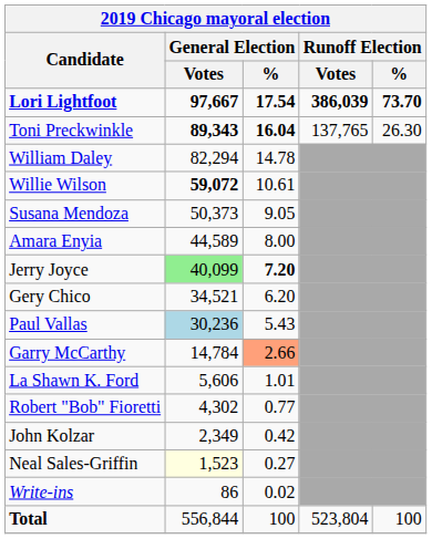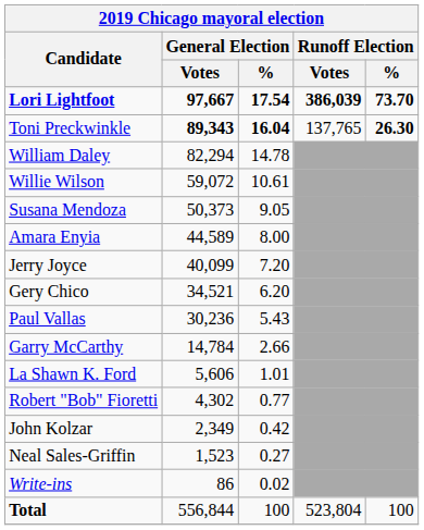 <table class=wikitable>
 <tr>
 <th colspan=5><a href='#'>2019 Chicago mayoral election</a></th>
 </tr>
 <tr>
 <th colspan=1 rowspan=2>Candidate</th>
 <th colspan=2>General Election</th>
 <th colspan=2><strong>Runoff Election</strong></th>
 </tr>
 <tr>
 <th>Votes</th>
 <th>%</th>
 <th>Votes</th>
 <th>%</th>
 </tr>
 <tr>
 <td><strong><a href='#'>Lori Lightfoot</a></strong></td>
 <td align="right"><strong>97,667</strong></td>
 <td align="right"><strong>17.54</strong></td>
 <td align="right"><strong>386,039</strong></td>
 <td align="right"><strong>73.70</strong></td>
 </tr>
 <tr>
 <td><a href='#'>Toni Preckwinkle</a></td>
 <td align="right"><strong>89,343</strong></td>
 <td align="right"><strong>16.04</strong></td>
 <td align="right">137,765</td>
-<td align="right">26.30</td>
+<td align="right"><strong>26.30</strong></td>
 </tr>
 <tr>
 <td><a href='#'>William Daley</a></td>
 <td align="right">82,294</td>
 <td align="right">14.78</td>
 <td colspan=2 bgcolor=darkgray></td>
 </tr>
 <tr>
 <td><a href='#'>Willie Wilson</a></td>
-<td align="right"><strong>59,072</strong></td>
+<td align="right">59,072</td>
 <td align="right">10.61</td>
 <td colspan=2 bgcolor=darkgray></td>
 </tr>
 <tr>
 <td><a href='#'>Susana Mendoza</a></td>
 <td align="right">50,373</td>
 <td align="right">9.05</td>
 <td colspan=2 bgcolor=darkgray></td>
 </tr>
 <tr>
 <td><a href='#'>Amara Enyia</a></td>
 <td align="right">44,589</td>
 <td align="right">8.00</td>
 <td colspan=2 bgcolor=darkgray></td>
 </tr>
 <tr>
 <td>Jerry Joyce</td>
-<td align="right" style="background: lightgreen;">40,099</td>
-<td align="right"><strong>7.20</strong></td>
+<td align="right">40,099</td>
+<td align="right">7.20</td>
 <td colspan=2 bgcolor=darkgray></td>
 </tr>
 <tr>
 <td>Gery Chico</td>
 <td align="right">34,521</td>
 <td align="right">6.20</td>
 <td colspan=2 bgcolor=darkgray></td>
 </tr>
 <tr>
 <td><a href='#'>Paul Vallas</a></td>
-<td align="right" style="background: lightblue;">30,236</td>
+<td align="right">30,236</td>
 <td align="right">5.43</td>
 <td colspan=2 bgcolor=darkgray></td>
 </tr>
 <tr>
 <td><a href='#'>Garry McCarthy</a></td>
 <td align="right">14,784</td>
-<td align="right" style="background: lightsalmon;">2.66</td>
+<td align="right">2.66</td>
 <td colspan=2 bgcolor=darkgray></td>
 </tr>
 <tr>
 <td><a href='#'>La Shawn K. Ford</a></td>
 <td align="right">5,606</td>
 <td align="right">1.01</td>
 <td colspan=2 bgcolor=darkgray></td>
 </tr>
 <tr>
 <td><a href='#'>Robert "Bob" Fioretti</a></td>
 <td align="right">4,302</td>
 <td align="right">0.77</td>
 <td colspan=2 bgcolor=darkgray></td>
 </tr>
 <tr>
 <td>John Kolzar</td>
 <td align="right">2,349</td>
 <td align="right">0.42</td>
 <td colspan=2 bgcolor=darkgray></td>
 </tr>
 <tr>
 <td>Neal Sales-Griffin</td>
-<td align="right" style="background: lightyellow;">1,523</td>
+<td align="right">1,523</td>
 <td align="right">0.27</td>
 <td colspan=2 bgcolor=darkgray></td>
 </tr>
 <tr>
 <td><em><a href='#'>Write-ins</a></em></td>
 <td align="right">86</td>
 <td align="right">0.02</td>
 <td colspan=2 bgcolor=darkgray></td>
 </tr>
 <tr>
 <td><strong>Total</strong></td>
 <td align="right">556,844</td>
 <td align="right">100</td>
 <td align="right">523,804</td>
 <td align="right">100</td>
 </tr>
 <tr>
 </tr>
 </table>
